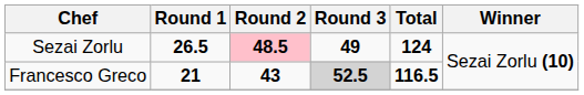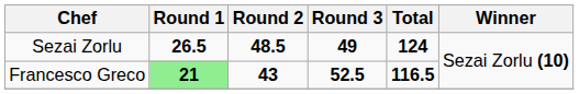 <table class="wikitable"  style="float:left; margin:auto; text-align:center;">
 <tr>
 <th>Chef</th>
 <th>Round 1</th>
 <th>Round 2</th>
 <th>Round 3</th>
 <th>Total</th>
 <th>Winner</th>
 </tr>
 <tr>
 <td>Sezai Zorlu</td>
 <td><strong>26.5</strong></td>
-<td style="background: pink;"><strong>48.5</strong></td>
+<td><strong>48.5</strong></td>
 <td><strong>49</strong></td>
 <td><strong>124</strong></td>
 <td rowspan=2>Sezai Zorlu <strong>(10)</strong></td>
 </tr>
 <tr>
 <td>Francesco Greco</td>
-<td><strong>21</strong></td>
+<td style="background: lightgreen;"><strong>21</strong></td>
 <td><strong>43</strong></td>
-<td style="background: lightgrey;"><strong>52.5</strong></td>
+<td><strong>52.5</strong></td>
 <td><strong>116.5</strong></td>
 </tr>
 <tr>
 </tr>
 </table>
